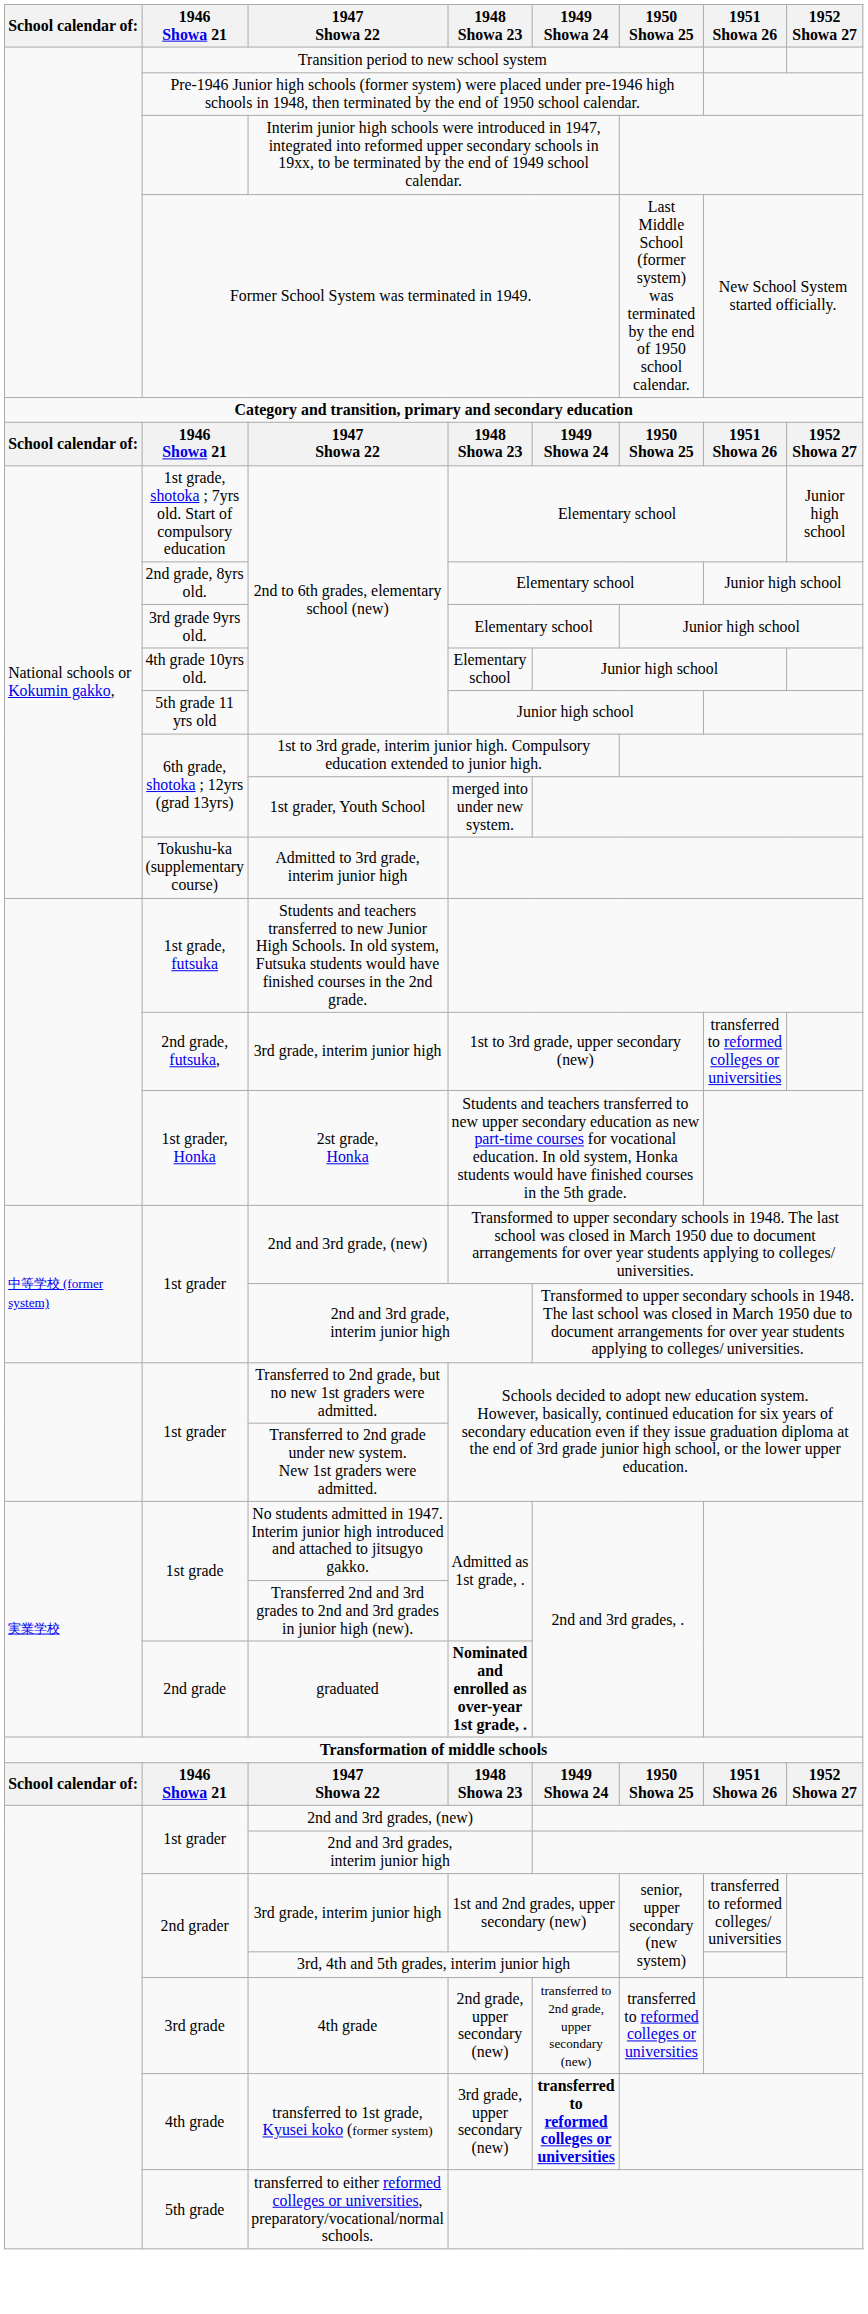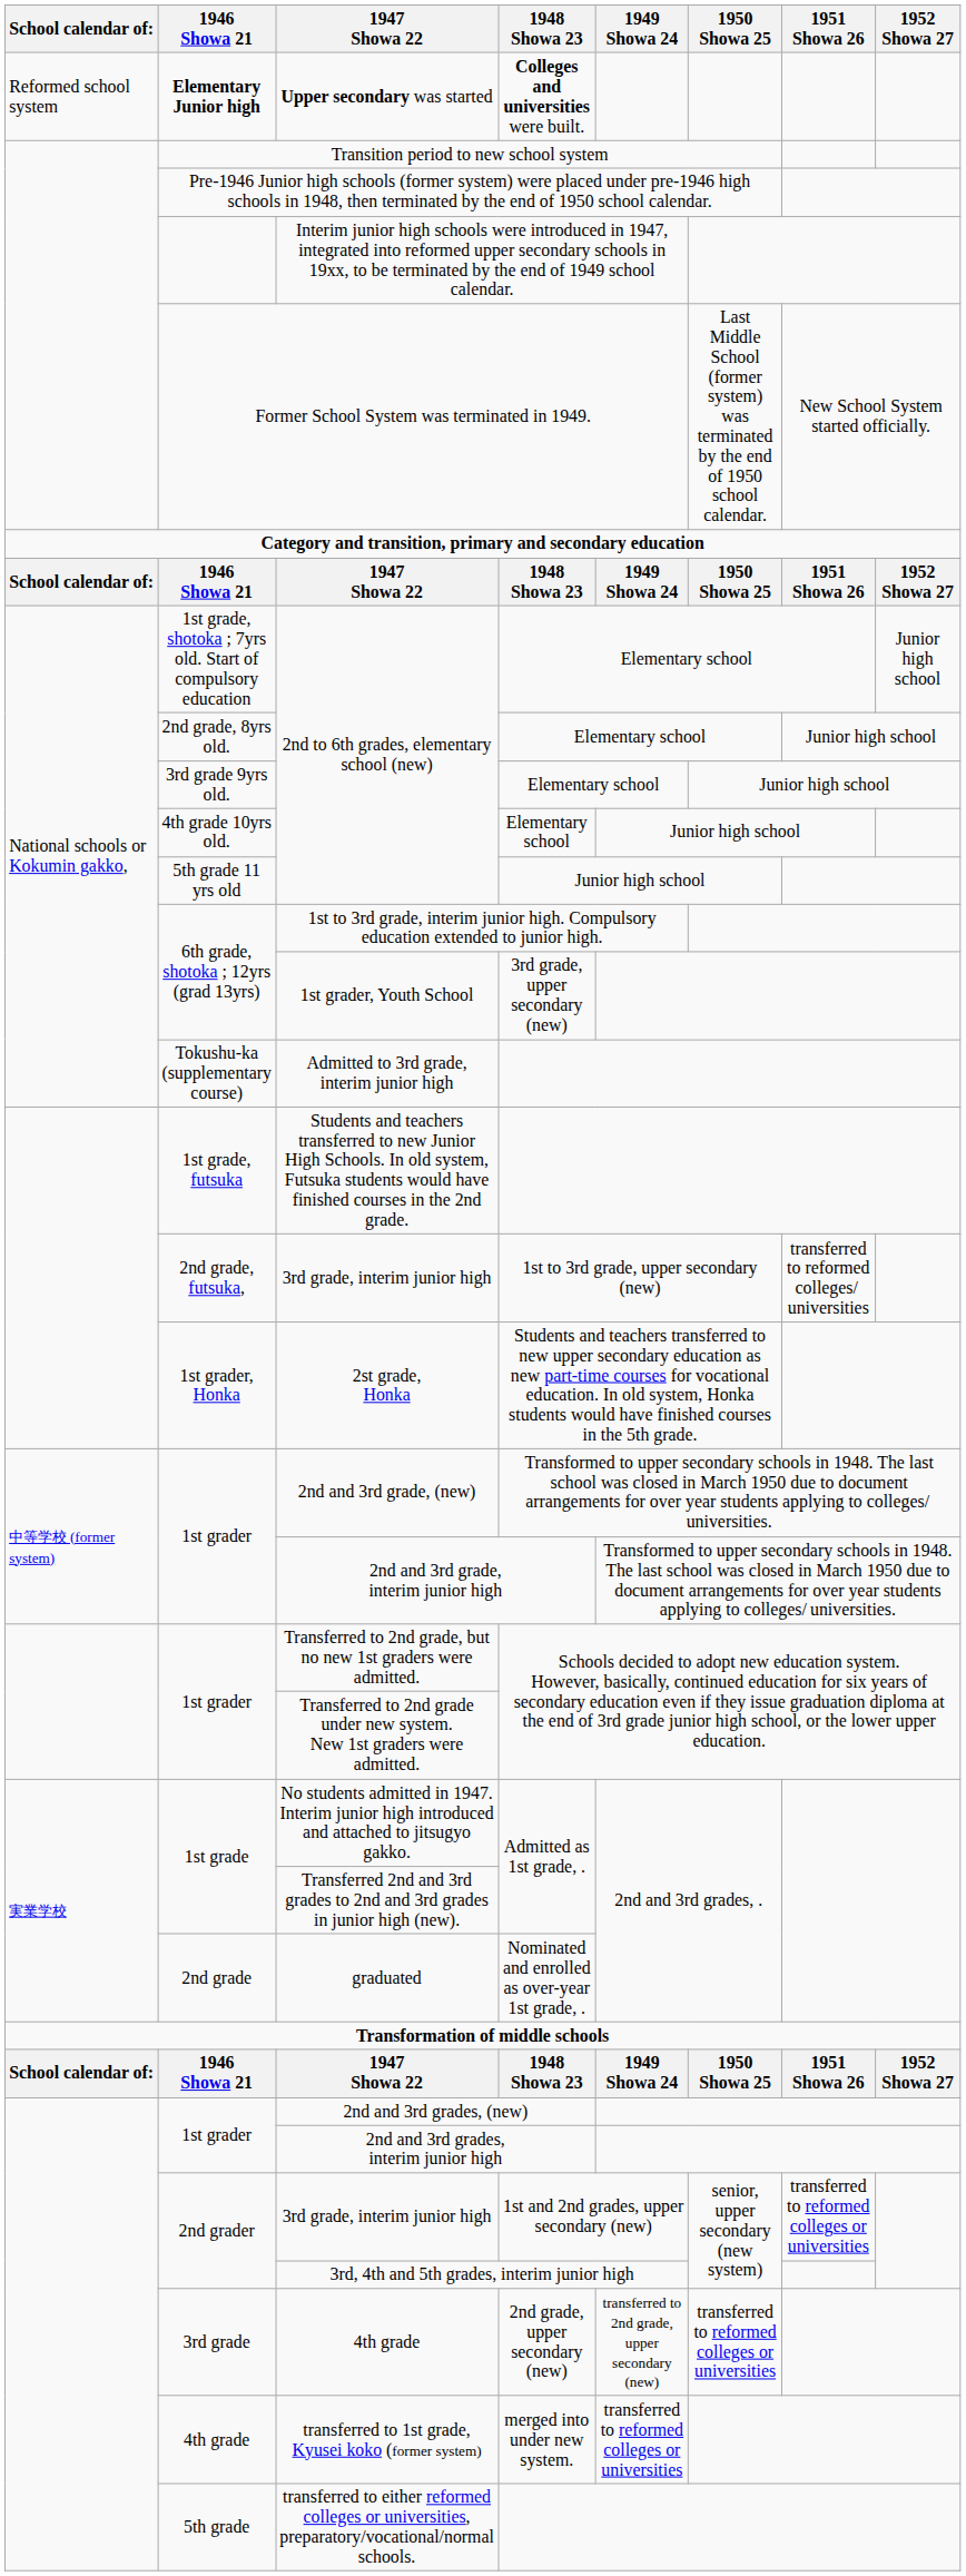 <table class="wikitable mw-collapsible mw-collapsed" style="text-align:center">
 <tr style="white-space:nowrap">
 <th style="text-align:right">School calendar of:</th>
 <th width=12%>1946<br><a href='#'>Showa</a> 21</th>
 <th width=12%>1947<br>Showa 22</th>
 <th width=12%>1948<br>Showa 23</th>
 <th width=12%>1949<br>Showa 24</th>
 <th width=12%>1950<br>Showa 25</th>
 <th width=12%>1951<br>Showa 26</th>
 <th width=12%>1952<br>Showa 27</th>
+</tr>
+<tr>
+<td style="text-align:left">Reformed school system</td>
+<td><strong>Elementary  Junior high</strong></td>
+<td><strong>Upper secondary</strong> was started</td>
+<td><strong>Colleges and universities</strong> were built.</td>
+<td></td>
+<td></td>
+<td></td>
+<td></td>
 </tr>
 <tr>
 <td rowspan="4"></td>
 <td colspan="5">Transition period to new school system</td>
 <td></td>
 <td></td>
 </tr>
 <tr>
 <td colspan="5">Pre-1946 Junior high schools  (former system) were placed under pre-1946 high schools in 1948, then terminated by the end of 1950 school calendar.</td>
 <td colspan="2"></td>
 </tr>
 <tr>
 <td></td>
 <td colspan="3">Interim junior high schools were introduced in 1947, integrated into reformed upper secondary schools in 19xx, to be terminated by the end of 1949 school calendar.<br></td>
 <td colspan="3"></td>
 </tr>
 <tr>
 <td colspan="4">Former School System was terminated in 1949.</td>
 <td>Last Middle School  (former system) was terminated by the end of 1950 school calendar.</td>
 <td colspan="2">New School System started officially.</td>
 </tr>
 <tr>
 <td colspan="8"><strong>Category and transition, primary and secondary education</strong></td>
 </tr>
 <tr>
 <th style="text-align:right">School calendar of:</th>
 <th>1946<br><a href='#'>Showa</a> 21</th>
 <th>1947<br>Showa 22</th>
 <th>1948<br>Showa 23</th>
 <th>1949<br>Showa 24</th>
 <th>1950<br>Showa 25</th>
 <th>1951<br>Showa 26</th>
 <th>1952<br>Showa 27</th>
 </tr>
 <tr>
 <td style="text-align:left" rowspan="8">National schools or <a href='#'>Kokumin gakko</a>, <br></td>
 <td>1st grade, <a href='#'>shotoka</a> ; 7yrs old. Start of compulsory education<br></td>
 <td rowspan="5">2nd to 6th grades, elementary school (new)</td>
 <td colspan="4">Elementary school</td>
 <td>Junior high school</td>
 </tr>
 <tr>
 <td>2nd grade, 8yrs old.</td>
 <td colspan="3">Elementary school</td>
 <td colspan="2">Junior high school</td>
 </tr>
 <tr>
 <td>3rd grade 9yrs old.</td>
 <td colspan="2">Elementary school</td>
 <td colspan="3">Junior high school</td>
 </tr>
 <tr>
 <td>4th grade 10yrs old.</td>
 <td>Elementary school</td>
 <td colspan="3">Junior high school</td>
 <td></td>
 </tr>
 <tr>
 <td>5th grade 11 yrs old</td>
 <td colspan="3">Junior high school</td>
 <td colspan="2"></td>
 </tr>
 <tr>
 <td rowspan="2">6th grade, <a href='#'>shotoka</a> ; 12yrs (grad 13yrs)<br></td>
 <td colspan="3">1st to 3rd grade, interim junior high. Compulsory education extended to junior high.</td>
 <td colspan="3"></td>
 </tr>
 <tr>
 <td>1st grader, Youth School</td>
-<td>merged into  under new system.</td>
+<td>3rd grade, upper secondary (new)<br></td>
 <td colspan="4"></td>
 </tr>
 <tr>
 <td>Tokushu-ka<br>(supplementary course)</td>
 <td>Admitted to 3rd grade, interim junior high</td>
 <td colspan="5"></td>
 </tr>
 <tr>
 <td style="text-align:left" rowspan="3"><br></td>
 <td>1st grade,<br> <a href='#'>futsuka</a> </td>
 <td>Students and teachers transferred to new Junior High Schools. In old system, Futsuka students would have finished courses in the 2nd grade.</td>
 <td colspan="5"></td>
 </tr>
 <tr>
 <td>2nd grade, <br><a href='#'>futsuka</a>,</td>
 <td>3rd grade, interim junior high</td>
 <td colspan="3">1st to 3rd grade, upper secondary (new)</td>
-<td>transferred to <a href='#'>reformed <br>colleges or universities</a></td>
+<td>transferred to reformed colleges/ universities</td>
 <td></td>
 </tr>
 <tr>
 <td>1st grader,<br> <a href='#'>Honka</a> </td>
 <td>2st grade,<br> <a href='#'>Honka</a> </td>
 <td colspan="3">Students and teachers transferred to new upper secondary education as new <a href='#'>part-time courses</a> for vocational education. In old system, Honka students would have finished courses in the 5th grade.</td>
 <td colspan="2"></td>
 </tr>
 <tr>
 <td style="text-align:left" rowspan="2"><br><small><a href='#'>中等学校 (former system)</a></small> </td>
 <td rowspan="2">1st grader</td>
 <td>2nd and 3rd grade,  (new)</td>
 <td colspan="5">Transformed to upper secondary schools in 1948. The last school was closed in March 1950 due to document arrangements for over year students applying to colleges/ universities.</td>
 </tr>
 <tr>
 <td colspan="2">2nd and 3rd grade,  <br>interim junior high</td>
 <td colspan="4">Transformed to upper secondary schools in 1948. The last school was closed in March 1950 due to document arrangements for over year students applying to colleges/ universities.</td>
 </tr>
 <tr>
 <td style="text-align:left" rowspan="2"><br></td>
 <td rowspan="2">1st grader</td>
 <td>Transferred to 2nd grade, but no new 1st graders were admitted.</td>
 <td colspan="5" rowspan="2">Schools decided to adopt new education system.<br>However, basically, continued education for six years of secondary education even if they issue graduation diploma at the end of 3rd grade junior high school, or the lower upper education.</td>
 </tr>
 <tr>
 <td>Transferred to 2nd grade under new system.<br>New 1st graders were admitted. <br></td>
 </tr>
 <tr>
 <td style="text-align:left" rowspan="3"><br><small><a href='#'>実業学校</a></small> </td>
 <td rowspan="2">1st grade</td>
 <td>No students admitted in 1947. Interim junior high introduced and attached to jitsugyo gakko. </td>
 <td rowspan="2">Admitted as 1st grade, .</td>
 <td colspan="2" rowspan="3">2nd and 3rd grades, .</td>
 <td colspan="2" rowspan="3"></td>
 </tr>
 <tr>
 <td>Transferred 2nd and 3rd grades to 2nd and 3rd grades in junior high (new).</td>
 </tr>
 <tr>
 <td>2nd grade</td>
 <td>graduated</td>
-<td><strong>Nominated and enrolled as over-year 1st grade, .</strong></td>
+<td>Nominated and enrolled as over-year 1st grade, .</td>
 </tr>
 <tr>
 <td colspan="8"><strong>Transformation of middle schools</strong></td>
 </tr>
 <tr>
 <th style="text-align:right">School calendar of:</th>
 <th>1946<br><a href='#'>Showa</a> 21</th>
 <th>1947<br>Showa 22</th>
 <th>1948<br>Showa 23</th>
 <th>1949<br>Showa 24</th>
 <th>1950<br>Showa 25</th>
 <th>1951<br>Showa 26</th>
 <th>1952<br>Showa 27</th>
 </tr>
 <tr>
 <td style="text-align:left" rowspan="7"><br></td>
 <td rowspan="2">1st grader</td>
 <td colspan="2">2nd and 3rd grades,  (new)</td>
 <td colspan="4"></td>
 </tr>
 <tr>
 <td colspan="2">2nd and 3rd grades,  <br>interim junior high</td>
 <td colspan="4"></td>
 </tr>
 <tr>
 <td rowspan="2">2nd grader</td>
 <td>3rd grade, interim junior high<br></td>
 <td colspan="2">1st and 2nd grades, upper secondary (new)<br></td>
 <td rowspan="2">senior, <br>upper secondary (new system)</td>
-<td>transferred to reformed colleges/ universities</td>
+<td>transferred to <a href='#'>reformed <br>colleges or universities</a></td>
 <td rowspan="2"></td>
 </tr>
 <tr>
 <td colspan="3">3rd, 4th and 5th grades, interim junior high </td>
 <td></td>
 </tr>
 <tr>
 <td>3rd grade</td>
 <td>4th grade</td>
 <td>2nd grade, <br>upper secondary (new)<br></td>
 <td><small>transferred to 2nd grade, upper secondary (new)</small></td>
 <td>transferred to <a href='#'>reformed <br>colleges or universities</a></td>
 <td colspan="2"> </td>
 </tr>
 <tr>
 <td>4th grade</td>
 <td>transferred to 1st grade, <a href='#'>Kyusei koko</a> (<small>former system) </small></td>
-<td>3rd grade, upper secondary (new)<br></td>
-<td><strong>transferred to <a href='#'>reformed <br>colleges or universities</a></strong></td>
+<td>merged into  under new system.</td>
+<td>transferred to <a href='#'>reformed <br>colleges or universities</a></td>
 <td colspan="3"></td>
 </tr>
 <tr>
 <td>5th grade</td>
 <td>transferred to either <a href='#'>reformed <br>colleges or universities</a>, preparatory/vocational/normal schools. </td>
 <td colspan="5"> </td>
 </tr>
 </table>
